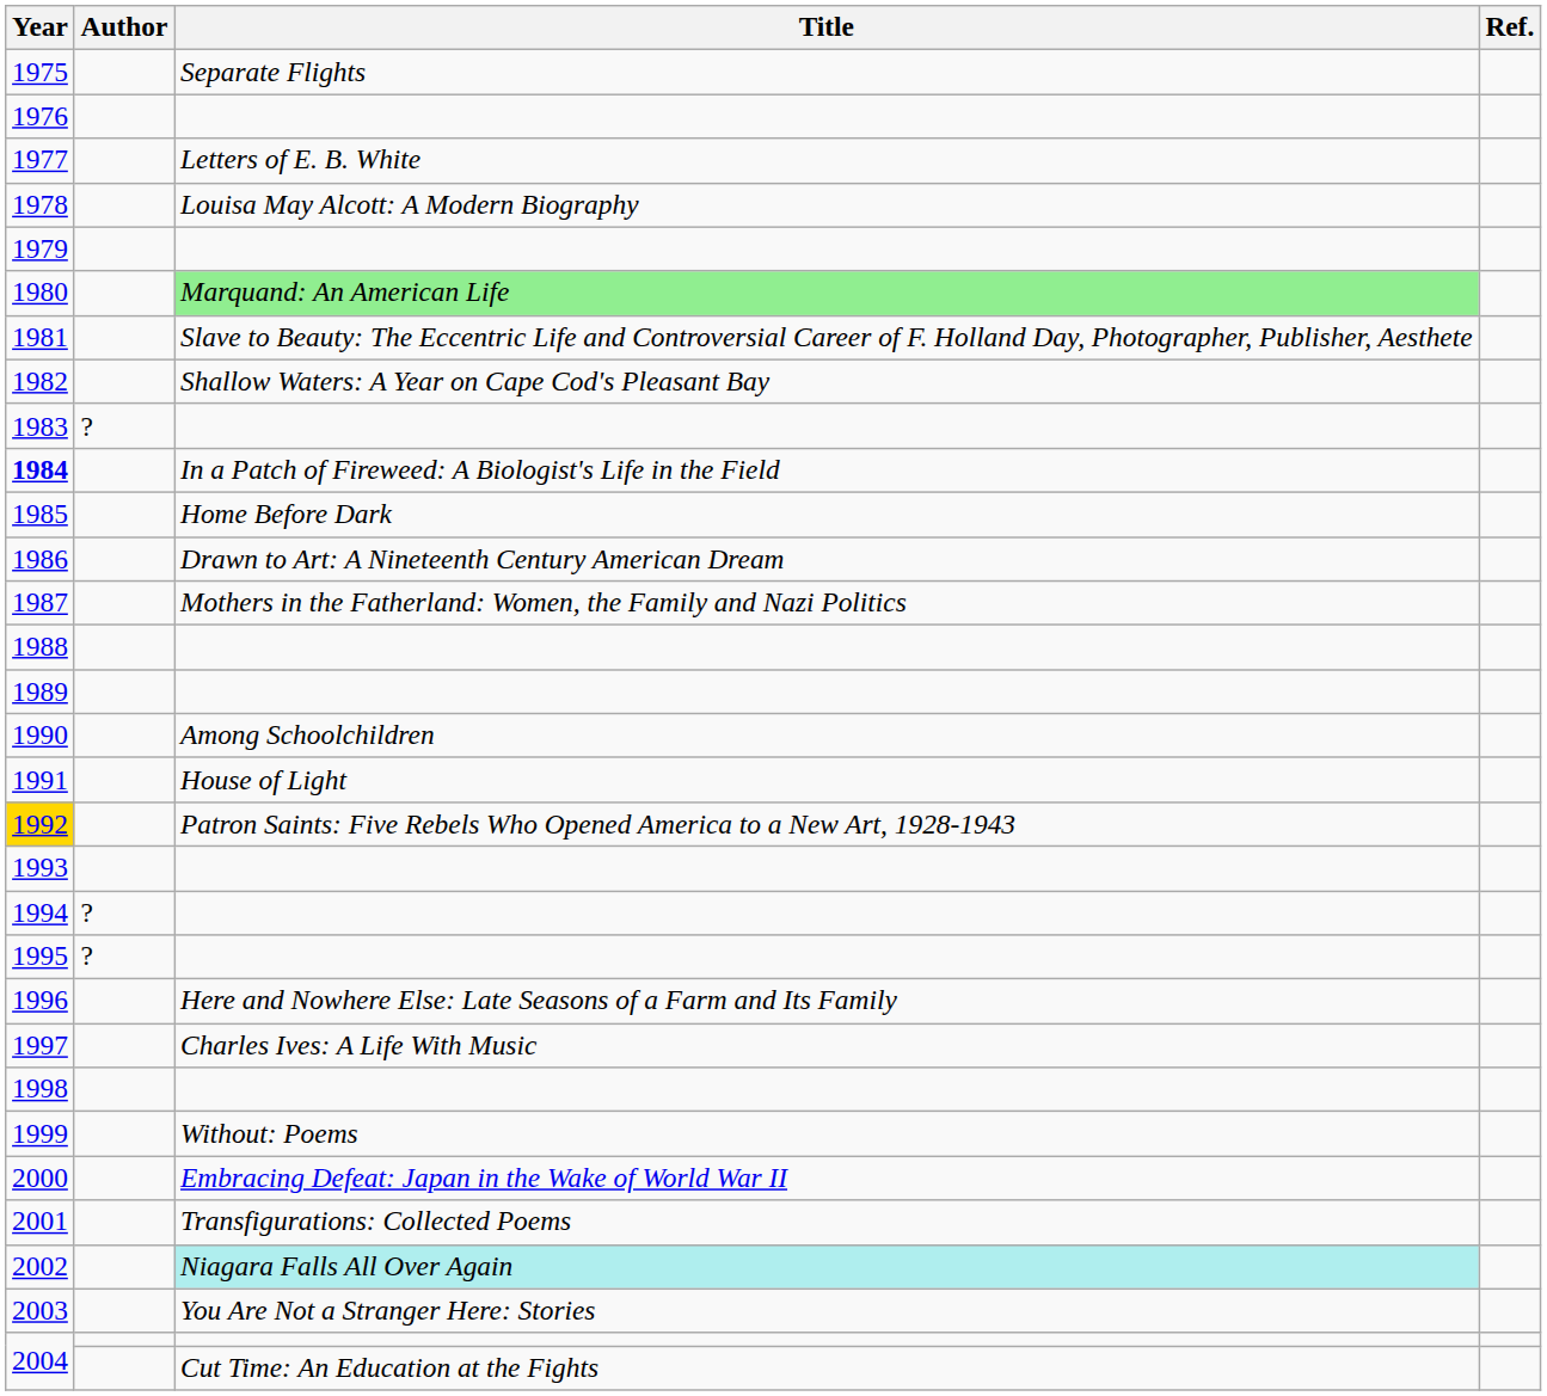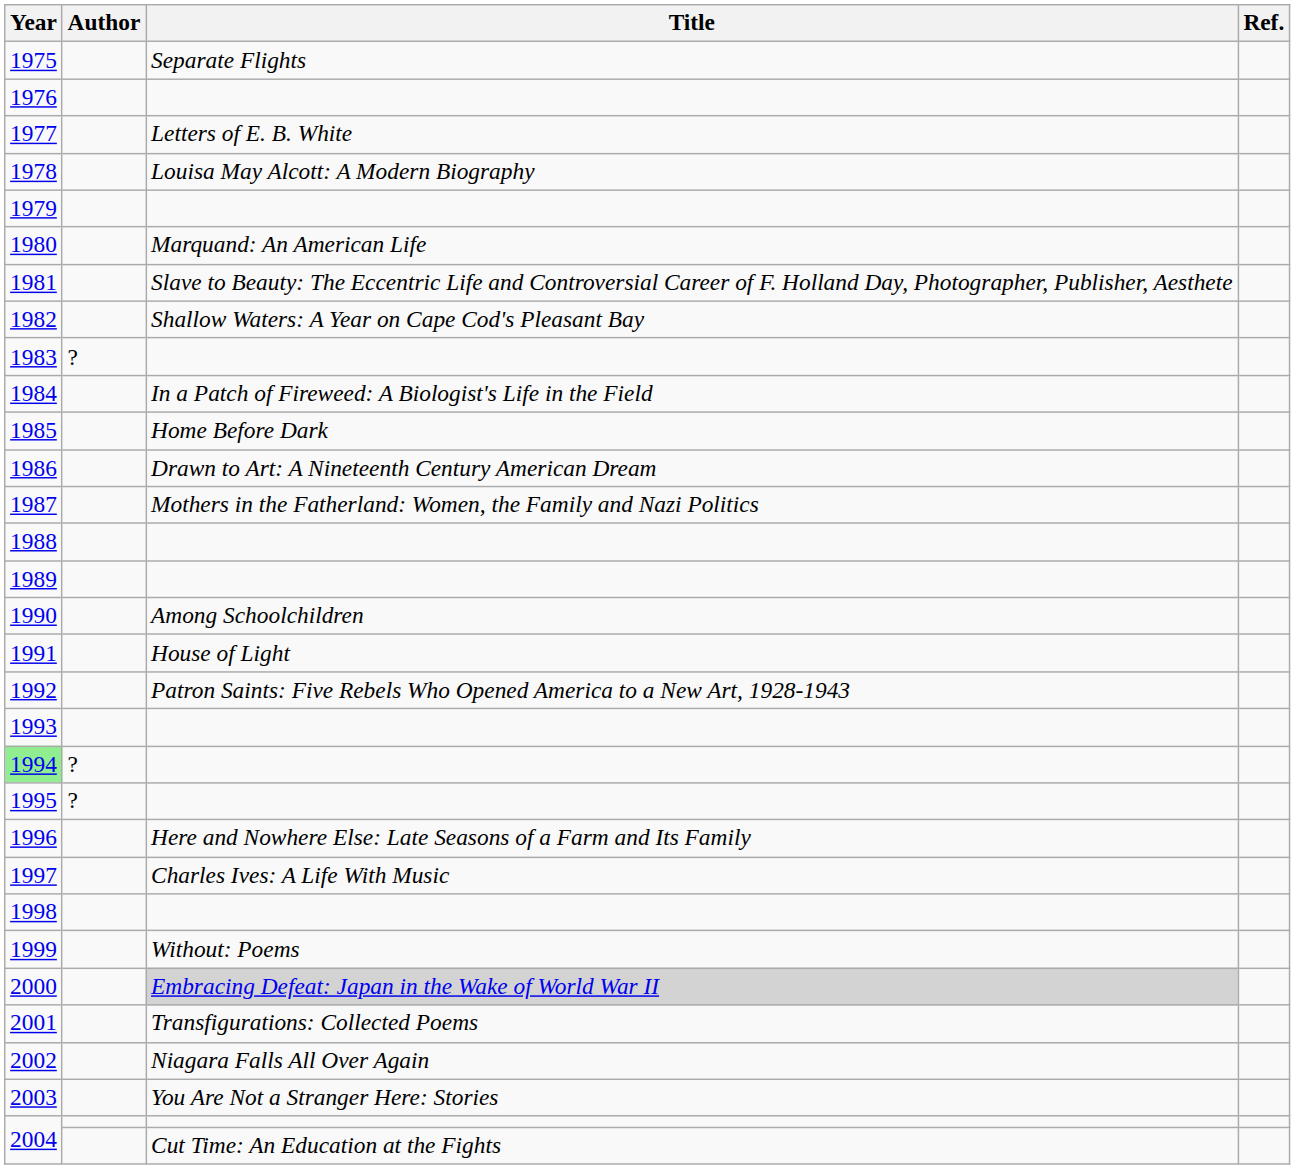 <table class="wikitable sortable mw-collapsible">
 <tr>
 <th>Year</th>
 <th>Author</th>
 <th>Title</th>
 <th>Ref.</th>
 </tr>
 <tr>
 <td><a href='#'>1975</a></td>
 <td></td>
 <td><em>Separate Flights</em></td>
 <td></td>
 </tr>
 <tr>
 <td><a href='#'>1976</a></td>
 <td></td>
 <td {{sortname><em></em></td>
 <td></td>
 </tr>
 <tr>
 <td><a href='#'>1977</a></td>
 <td></td>
 <td><em>Letters of E. B. White</em></td>
 <td></td>
 </tr>
 <tr>
 <td><a href='#'>1978</a></td>
 <td></td>
 <td><em>Louisa May Alcott: A Modern Biography</em></td>
 <td></td>
 </tr>
 <tr>
 <td><a href='#'>1979</a></td>
 <td></td>
 <td><em></em></td>
 <td></td>
 </tr>
 <tr>
 <td><a href='#'>1980</a></td>
 <td></td>
-<td style="background: lightgreen;"><em>Marquand: An American Life</em></td>
+<td><em>Marquand: An American Life</em></td>
 <td></td>
 </tr>
 <tr>
 <td><a href='#'>1981</a></td>
 <td></td>
 <td><em>Slave to Beauty: The Eccentric Life and Controversial Career of F. Holland Day, Photographer, Publisher, Aesthete</em></td>
 <td></td>
 </tr>
 <tr>
 <td><a href='#'>1982</a></td>
 <td></td>
 <td><em>Shallow Waters: A Year on Cape Cod's Pleasant Bay</em></td>
 <td></td>
 </tr>
 <tr>
 <td><a href='#'>1983</a></td>
 <td>?</td>
 <td></td>
 <td></td>
 </tr>
 <tr>
-<td><strong><a href='#'>1984</a></strong></td>
+<td><a href='#'>1984</a></td>
 <td></td>
 <td><em>In a Patch of Fireweed: A Biologist's Life in the Field</em></td>
 <td></td>
 </tr>
 <tr>
 <td><a href='#'>1985</a></td>
 <td></td>
 <td><em>Home Before Dark</em></td>
 <td></td>
 </tr>
 <tr>
 <td><a href='#'>1986</a></td>
 <td></td>
 <td><em>Drawn to Art: A Nineteenth Century American Dream</em></td>
 <td></td>
 </tr>
 <tr>
 <td><a href='#'>1987</a></td>
 <td></td>
 <td><em>Mothers in the Fatherland: Women, the Family and Nazi Politics</em></td>
 <td></td>
 </tr>
 <tr>
 <td><a href='#'>1988</a></td>
 <td></td>
 <td><em></em></td>
 <td></td>
 </tr>
 <tr>
 <td><a href='#'>1989</a></td>
 <td></td>
 <td><em></em></td>
 <td></td>
 </tr>
 <tr>
 <td><a href='#'>1990</a></td>
 <td></td>
 <td><em>Among Schoolchildren</em></td>
 <td></td>
 </tr>
 <tr>
 <td><a href='#'>1991</a></td>
 <td></td>
 <td><em>House of Light</em></td>
 <td></td>
 </tr>
 <tr>
-<td style="background: gold;"><a href='#'>1992</a></td>
+<td><a href='#'>1992</a></td>
 <td></td>
 <td><em>Patron Saints: Five Rebels Who Opened America to a New Art, 1928-1943</em></td>
 <td></td>
 </tr>
 <tr>
 <td><a href='#'>1993</a></td>
 <td></td>
 <td {{sortname><em></em></td>
 <td></td>
 </tr>
 <tr>
-<td><a href='#'>1994</a></td>
+<td style="background: lightgreen;"><a href='#'>1994</a></td>
 <td>?</td>
 <td></td>
 <td></td>
 </tr>
 <tr>
 <td><a href='#'>1995</a></td>
 <td>?</td>
 <td></td>
 <td></td>
 </tr>
 <tr>
 <td><a href='#'>1996</a></td>
 <td></td>
 <td><em>Here and Nowhere Else: Late Seasons of a Farm and Its Family</em></td>
 <td></td>
 </tr>
 <tr>
 <td><a href='#'>1997</a></td>
 <td></td>
 <td><em>Charles Ives: A Life With Music</em></td>
 <td></td>
 </tr>
 <tr>
 <td><a href='#'>1998</a></td>
 <td></td>
 <td><em></em></td>
 <td></td>
 </tr>
 <tr>
 <td><a href='#'>1999</a></td>
 <td></td>
 <td><em>Without: Poems</em></td>
 <td></td>
 </tr>
 <tr>
 <td><a href='#'>2000</a></td>
 <td></td>
-<td><em><a href='#'>Embracing Defeat: Japan in the Wake of World War II</a></em></td>
+<td style="background: lightgrey;"><em><a href='#'>Embracing Defeat: Japan in the Wake of World War II</a></em></td>
 <td></td>
 </tr>
 <tr>
 <td><a href='#'>2001</a></td>
 <td></td>
 <td><em>Transfigurations: Collected Poems</em></td>
 <td></td>
 </tr>
 <tr>
 <td><a href='#'>2002</a></td>
 <td></td>
-<td style="background: paleturquoise;"><em>Niagara Falls All Over Again</em></td>
+<td><em>Niagara Falls All Over Again</em></td>
 <td></td>
 </tr>
 <tr>
 <td><a href='#'>2003</a></td>
 <td></td>
 <td><em>You Are Not a Stranger Here: Stories</em></td>
 <td></td>
 </tr>
 <tr>
 <td rowspan="2"><a href='#'>2004</a></td>
 <td></td>
 <td><em></em></td>
 <td></td>
 </tr>
 <tr>
 <td></td>
 <td><em>Cut Time: An Education at the Fights</em></td>
 <td></td>
 </tr>
 </table>
